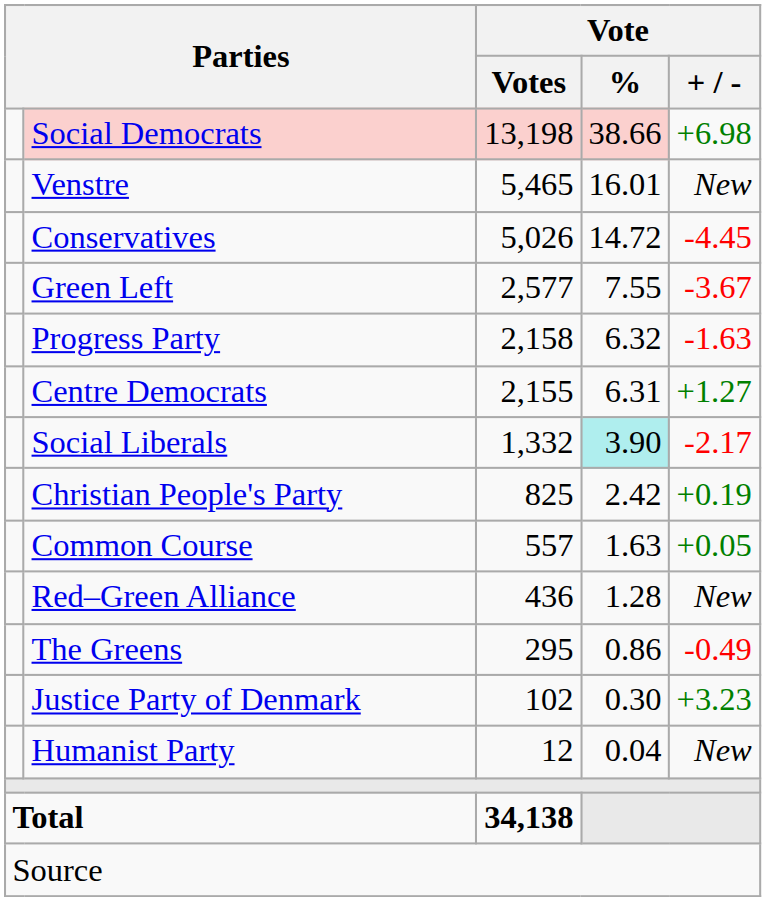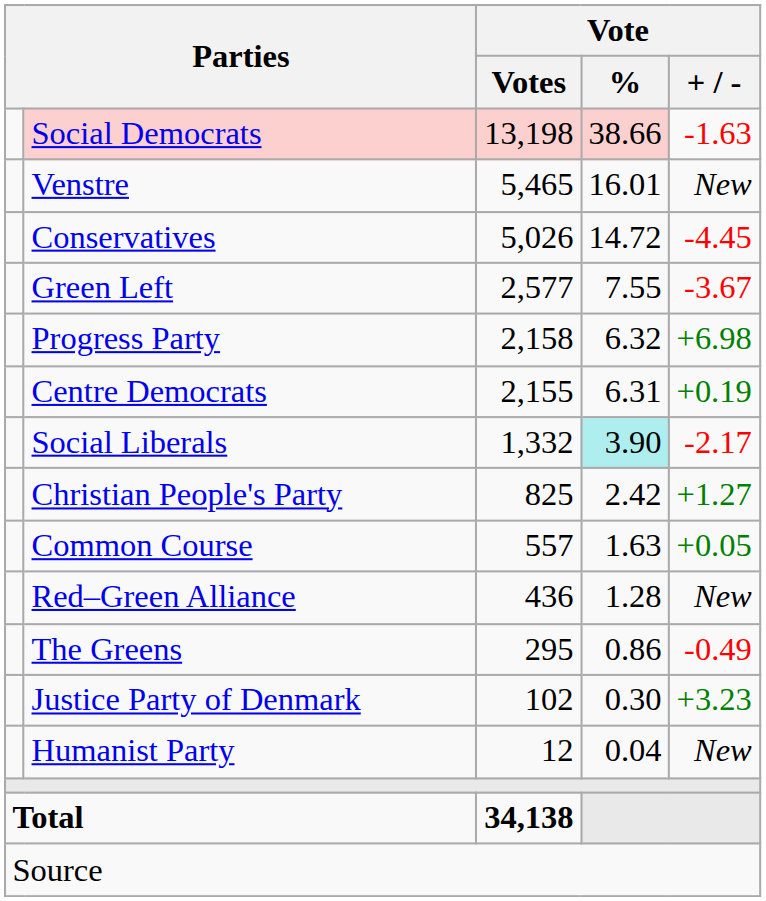 <table class="wikitable" style="text-align:right;">
 <tr>
 <th style="text-align:centre;" rowspan="2" colspan="2" width="225">Parties</th>
 <th colspan="3">Vote</th>
 </tr>
 <tr>
 <th width="15">Votes</th>
 <th width="15">%</th>
 <th width="15">+ / -</th>
 </tr>
 <tr>
 <td width="2" style="color:inherit;background:"></td>
 <td bgcolor=#fbd0ce  align="left"><a href='#'>Social Democrats</a></td>
 <td bgcolor=#fbd0ce>13,198</td>
 <td bgcolor=#fbd0ce>38.66</td>
-<td style=color:green;>+6.98</td>
+<td style=color:red;>-1.63</td>
 </tr>
 <tr>
 <td width="2" style="color:inherit;background:"></td>
 <td align="left"><a href='#'>Venstre</a></td>
 <td>5,465</td>
 <td>16.01</td>
 <td><em>New</em></td>
 </tr>
 <tr>
 <td width="2" style="color:inherit;background:"></td>
 <td align="left"><a href='#'>Conservatives</a></td>
 <td>5,026</td>
 <td>14.72</td>
 <td style=color:red;>-4.45</td>
 </tr>
 <tr>
 <td width="2" style="color:inherit;background:"></td>
 <td align="left"><a href='#'>Green Left</a></td>
 <td>2,577</td>
 <td>7.55</td>
 <td style=color:red;>-3.67</td>
 </tr>
 <tr>
 <td width="2" style="color:inherit;background:"></td>
 <td align="left"><a href='#'>Progress Party</a></td>
 <td>2,158</td>
 <td>6.32</td>
-<td style=color:red;>-1.63</td>
+<td style=color:green;>+6.98</td>
 </tr>
 <tr>
 <td width="2" style="color:inherit;background:"></td>
 <td align="left"><a href='#'>Centre Democrats</a></td>
 <td>2,155</td>
 <td>6.31</td>
-<td style=color:green;>+1.27</td>
+<td style=color:green;>+0.19</td>
 </tr>
 <tr>
 <td width="2" style="color:inherit;background:"></td>
 <td align="left"><a href='#'>Social Liberals</a></td>
 <td>1,332</td>
 <td style="background: paleturquoise;">3.90</td>
 <td style=color:red;>-2.17</td>
 </tr>
 <tr>
 <td width="2" style="color:inherit;background:"></td>
 <td align="left"><a href='#'>Christian People's Party</a></td>
 <td>825</td>
 <td>2.42</td>
-<td style=color:green;>+0.19</td>
+<td style=color:green;>+1.27</td>
 </tr>
 <tr>
 <td width="2" style="color:inherit;background:"></td>
 <td align="left"><a href='#'>Common Course</a></td>
 <td>557</td>
 <td>1.63</td>
 <td style=color:green;>+0.05</td>
 </tr>
 <tr>
 <td width="2" style="color:inherit;background:"></td>
 <td align="left"><a href='#'>Red–Green Alliance</a></td>
 <td>436</td>
 <td>1.28</td>
 <td><em>New</em></td>
 </tr>
 <tr>
 <td width="2" style="color:inherit;background:"></td>
 <td align="left"><a href='#'>The Greens</a></td>
 <td>295</td>
 <td>0.86</td>
 <td style=color:red;>-0.49</td>
 </tr>
 <tr>
 <td width="2" style="color:inherit;background:"></td>
 <td align="left"><a href='#'>Justice Party of Denmark</a></td>
 <td>102</td>
 <td>0.30</td>
 <td style=color:green;>+3.23</td>
 </tr>
 <tr>
 <td width="2" style="color:inherit;background:"></td>
 <td align="left"><a href='#'>Humanist Party</a></td>
 <td>12</td>
 <td>0.04</td>
 <td><em>New</em></td>
 </tr>
 <tr>
 <td colspan="7" bgcolor="#E9E9E9"></td>
 </tr>
 <tr>
 <td align="left" colspan="2"><strong>Total</strong></td>
 <td><strong>34,138</strong></td>
 <td bgcolor="#E9E9E9" colspan="2"></td>
 </tr>
 <tr>
 <td align="left" colspan="6">Source</td>
 </tr>
 </table>
